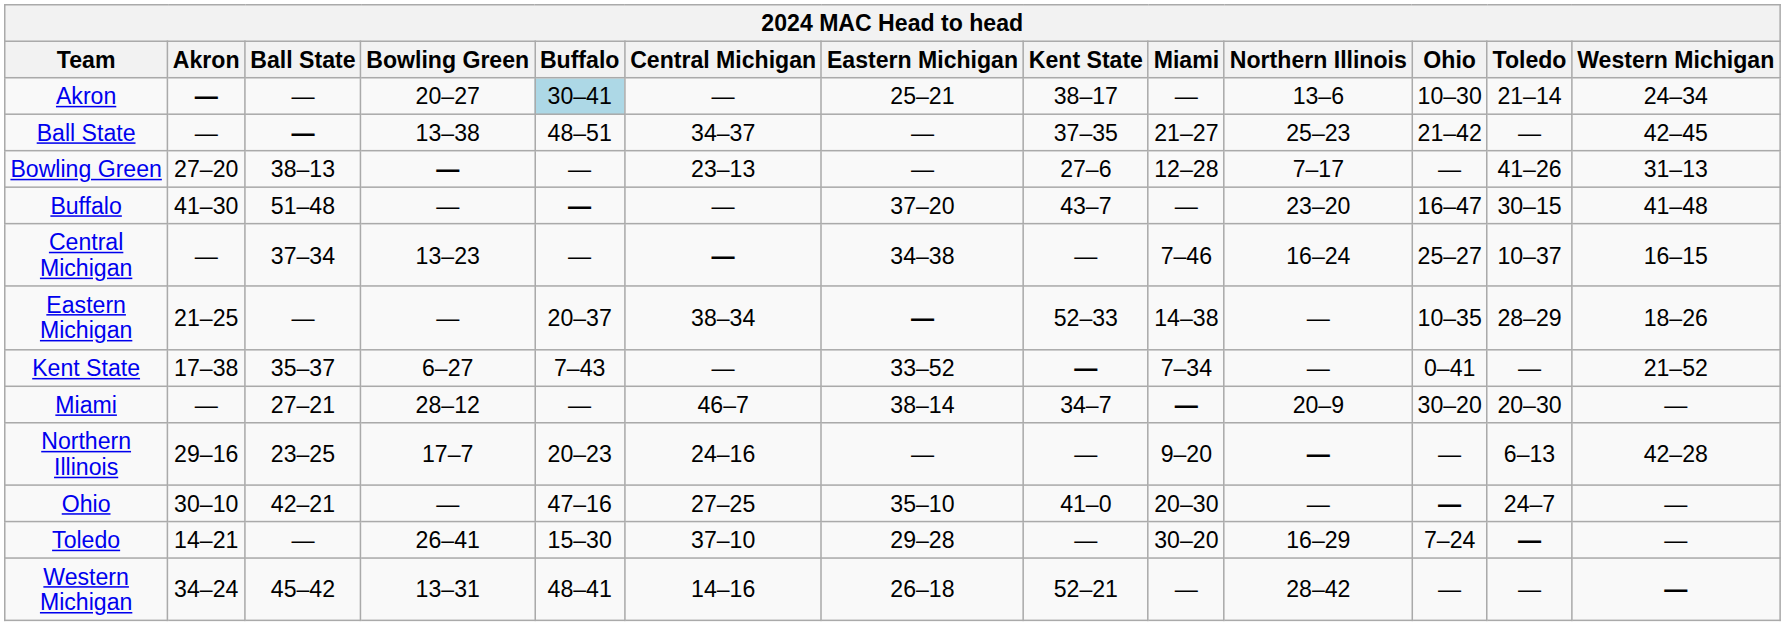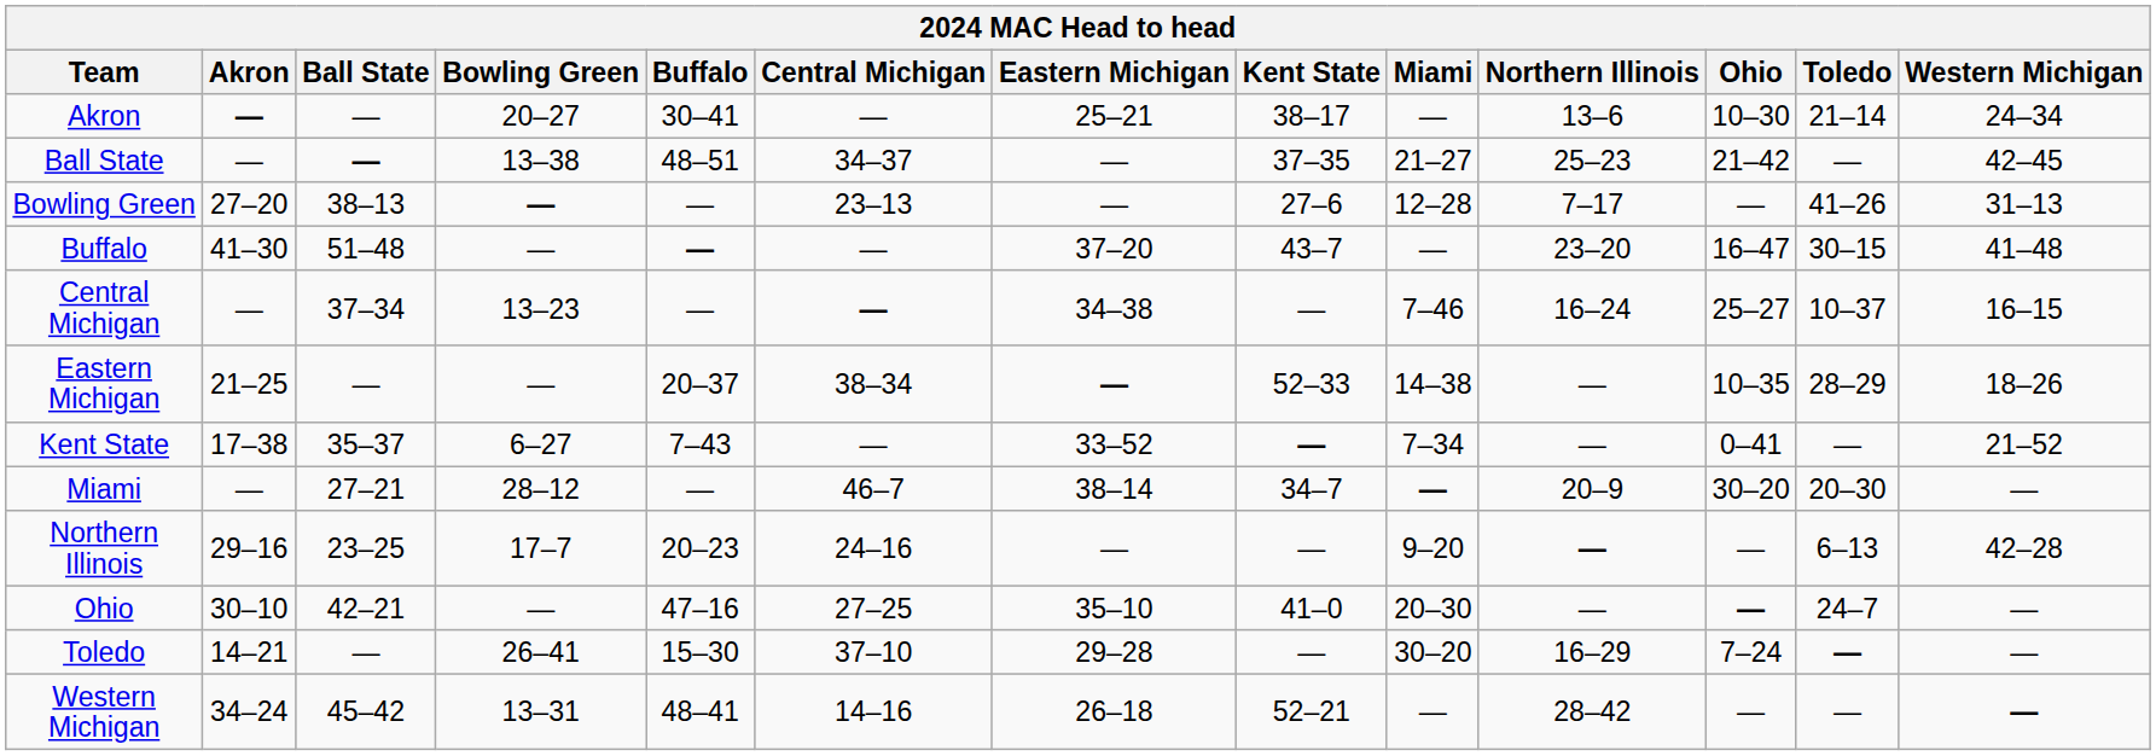 <table class="wikitable" style="font-size:95%; text-align:center;">
 <tr>
 <th colspan=13>2024 MAC Head to head</th>
 </tr>
 <tr>
 <th style="width:100px;">Team</th>
 <th>Akron</th>
 <th>Ball State</th>
 <th>Bowling Green</th>
 <th>Buffalo</th>
 <th>Central Michigan</th>
 <th>Eastern Michigan</th>
 <th>Kent State</th>
 <th>Miami</th>
 <th>Northern Illinois</th>
 <th>Ohio</th>
 <th>Toledo</th>
 <th>Western Michigan</th>
 </tr>
 <tr>
 <td><a href='#'>Akron</a></td>
 <td><strong>—</strong></td>
 <td>—</td>
 <td>20–27</td>
-<td style="background: lightblue;">30–41</td>
+<td>30–41</td>
 <td>—</td>
 <td>25–21</td>
 <td>38–17</td>
 <td>—</td>
 <td>13–6</td>
 <td>10–30</td>
 <td>21–14</td>
 <td>24–34</td>
 </tr>
 <tr>
 <td><a href='#'>Ball State</a></td>
 <td>—</td>
 <td><strong>—</strong></td>
 <td>13–38</td>
 <td>48–51</td>
 <td>34–37</td>
 <td>—</td>
 <td>37–35</td>
 <td>21–27</td>
 <td>25–23</td>
 <td>21–42</td>
 <td>—</td>
 <td>42–45</td>
 </tr>
 <tr>
 <td><a href='#'>Bowling Green</a></td>
 <td>27–20</td>
 <td>38–13</td>
 <td><strong>—</strong></td>
 <td>—</td>
 <td>23–13</td>
 <td>—</td>
 <td>27–6</td>
 <td>12–28</td>
 <td>7–17</td>
 <td>—</td>
 <td>41–26</td>
 <td>31–13</td>
 </tr>
 <tr>
 <td><a href='#'>Buffalo</a></td>
 <td>41–30</td>
 <td>51–48</td>
 <td>—</td>
 <td><strong>—</strong></td>
 <td>—</td>
 <td>37–20</td>
 <td>43–7</td>
 <td>—</td>
 <td>23–20</td>
 <td>16–47</td>
 <td>30–15</td>
 <td>41–48</td>
 </tr>
 <tr>
 <td><a href='#'>Central Michigan</a></td>
 <td>—</td>
 <td>37–34</td>
 <td>13–23</td>
 <td>—</td>
 <td><strong>—</strong></td>
 <td>34–38</td>
 <td>—</td>
 <td>7–46</td>
 <td>16–24</td>
 <td>25–27</td>
 <td>10–37</td>
 <td>16–15</td>
 </tr>
 <tr>
 <td><a href='#'>Eastern Michigan</a></td>
 <td>21–25</td>
 <td>—</td>
 <td>—</td>
 <td>20–37</td>
 <td>38–34</td>
 <td><strong>—</strong></td>
 <td>52–33</td>
 <td>14–38</td>
 <td>—</td>
 <td>10–35</td>
 <td>28–29</td>
 <td>18–26</td>
 </tr>
 <tr>
 <td><a href='#'>Kent State</a></td>
 <td>17–38</td>
 <td>35–37</td>
 <td>6–27</td>
 <td>7–43</td>
 <td>—</td>
 <td>33–52</td>
 <td><strong>—</strong></td>
 <td>7–34</td>
 <td>—</td>
 <td>0–41</td>
 <td>—</td>
 <td>21–52</td>
 </tr>
 <tr>
 <td><a href='#'>Miami</a></td>
 <td>—</td>
 <td>27–21</td>
 <td>28–12</td>
 <td>—</td>
 <td>46–7</td>
 <td>38–14</td>
 <td>34–7</td>
 <td><strong>—</strong></td>
 <td>20–9</td>
 <td>30–20</td>
 <td>20–30</td>
 <td>—</td>
 </tr>
 <tr>
 <td><a href='#'>Northern Illinois</a></td>
 <td>29–16</td>
 <td>23–25</td>
 <td>17–7</td>
 <td>20–23</td>
 <td>24–16</td>
 <td>—</td>
 <td>—</td>
 <td>9–20</td>
 <td><strong>—</strong></td>
 <td>—</td>
 <td>6–13</td>
 <td>42–28</td>
 </tr>
 <tr>
 <td><a href='#'>Ohio</a></td>
 <td>30–10</td>
 <td>42–21</td>
 <td>—</td>
 <td>47–16</td>
 <td>27–25</td>
 <td>35–10</td>
 <td>41–0</td>
 <td>20–30</td>
 <td>—</td>
 <td><strong>—</strong></td>
 <td>24–7</td>
 <td>—</td>
 </tr>
 <tr>
 <td><a href='#'>Toledo</a></td>
 <td>14–21</td>
 <td>—</td>
 <td>26–41</td>
 <td>15–30</td>
 <td>37–10</td>
 <td>29–28</td>
 <td>—</td>
 <td>30–20</td>
 <td>16–29</td>
 <td>7–24</td>
 <td><strong>—</strong></td>
 <td>—</td>
 </tr>
 <tr>
 <td><a href='#'>Western Michigan</a></td>
 <td>34–24</td>
 <td>45–42</td>
 <td>13–31</td>
 <td>48–41</td>
 <td>14–16</td>
 <td>26–18</td>
 <td>52–21</td>
 <td>—</td>
 <td>28–42</td>
 <td>—</td>
 <td>—</td>
 <td><strong>—</strong></td>
 </tr>
 </table>
